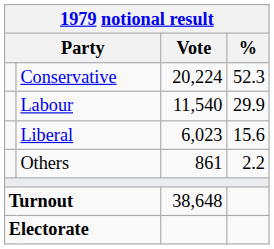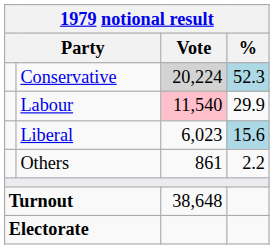 <table class="wikitable">
 <tr>
 <th colspan="4"><a href='#'>1979</a> <a href='#'>notional result</a></th>
 </tr>
 <tr>
 <th bgcolor="#DDDDFF" width="130px" colspan="2">Party</th>
 <th bgcolor="#DDDDFF" width="50px">Vote</th>
 <th bgcolor="#DDDDFF" width="30px">%</th>
 </tr>
 <tr>
 <td></td>
 <td><a href='#'>Conservative</a></td>
-<td align=right>20,224</td>
-<td align=right>52.3</td>
+<td align=right style="background: lightgrey;">20,224</td>
+<td align=right style="background: lightblue;">52.3</td>
 </tr>
 <tr>
 <td></td>
 <td><a href='#'>Labour</a></td>
-<td align=right>11,540</td>
+<td align=right style="background: pink;">11,540</td>
 <td align=right>29.9</td>
 </tr>
 <tr>
 <td></td>
 <td><a href='#'>Liberal</a></td>
 <td align=right>6,023</td>
-<td align=right>15.6</td>
+<td align=right style="background: lightblue;">15.6</td>
 </tr>
 <tr>
 <td></td>
 <td>Others</td>
 <td align=right>861</td>
 <td align=right>2.2</td>
 </tr>
 <tr>
 <td colspan="4" bgcolor="#EAECF0"></td>
 </tr>
 <tr>
 <td colspan="2"><strong>Turnout</strong></td>
 <td align=right>38,648</td>
 <td align=right></td>
 </tr>
 <tr>
 <td colspan="2"><strong>Electorate</strong></td>
 <td align=right></td>
 </tr>
 </table>
